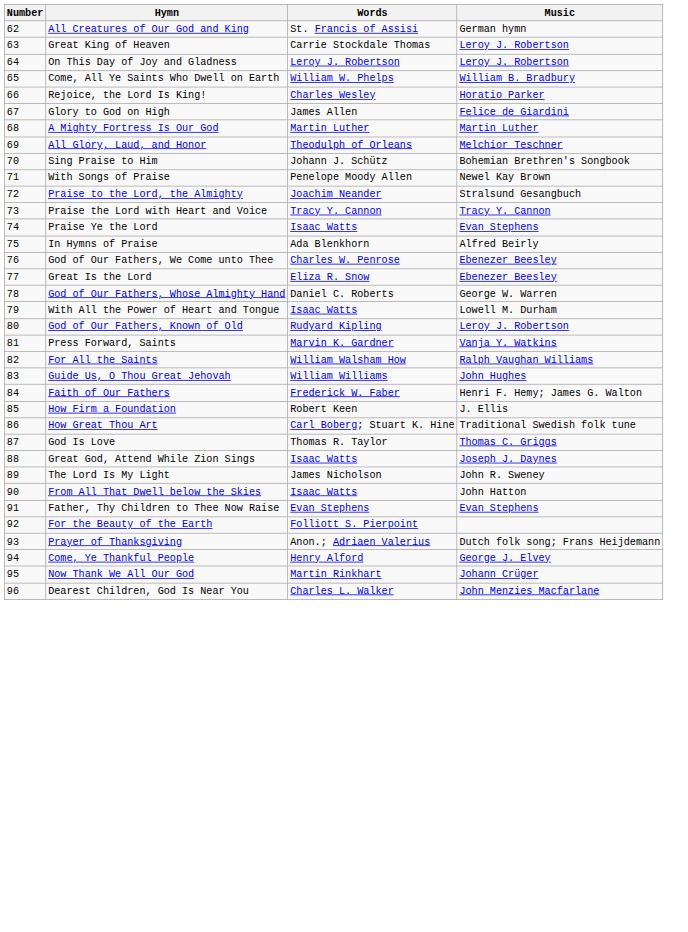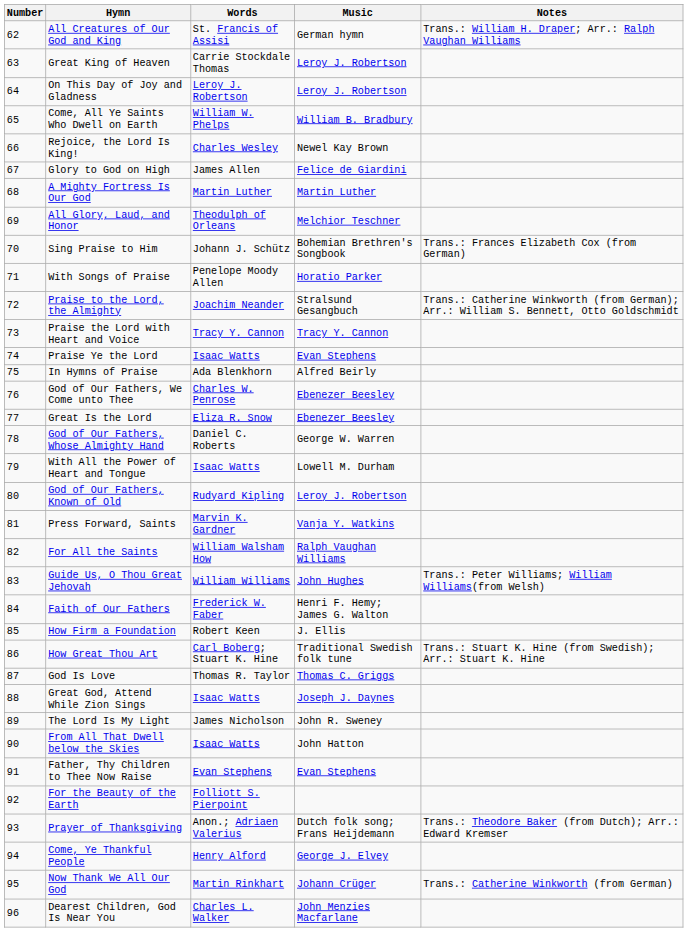 <table class="wikitable mw-collapsible mw-collapsed">
 <tr>
 <th>Number</th>
 <th>Hymn</th>
 <th>Words</th>
 <th>Music</th>
+<th>Notes</th>
 </tr>
 <tr>
 <td>62</td>
 <td><a href='#'>All Creatures of Our God and King</a></td>
 <td>St. <a href='#'>Francis of Assisi</a></td>
 <td>German hymn</td>
+<td>Trans.: <a href='#'> William H. Draper</a>; Arr.: <a href='#'>Ralph Vaughan Williams</a></td>
 </tr>
 <tr>
 <td>63</td>
 <td>Great King of Heaven</td>
 <td>Carrie Stockdale Thomas</td>
 <td><a href='#'>Leroy J. Robertson</a></td>
+<td></td>
 </tr>
 <tr>
 <td>64</td>
 <td>On This Day of Joy and Gladness</td>
 <td><a href='#'>Leroy J. Robertson</a></td>
 <td><a href='#'>Leroy J. Robertson</a></td>
+<td></td>
 </tr>
 <tr>
 <td>65</td>
 <td>Come, All Ye Saints Who Dwell on Earth</td>
 <td><a href='#'>William W. Phelps</a></td>
 <td><a href='#'>William B. Bradbury</a></td>
+<td></td>
 </tr>
 <tr>
 <td>66</td>
 <td>Rejoice, the Lord Is King!</td>
 <td><a href='#'>Charles Wesley</a></td>
-<td><a href='#'>Horatio Parker</a></td>
+<td>Newel Kay Brown</td>
+<td></td>
 </tr>
 <tr>
 <td>67</td>
 <td>Glory to God on High</td>
 <td>James Allen</td>
 <td><a href='#'>Felice de Giardini</a></td>
+<td></td>
 </tr>
 <tr>
 <td>68</td>
 <td><a href='#'>A Mighty Fortress Is Our God</a></td>
 <td><a href='#'>Martin Luther</a></td>
 <td><a href='#'>Martin Luther</a></td>
+<td></td>
 </tr>
 <tr>
 <td>69</td>
 <td><a href='#'>All Glory, Laud, and Honor</a></td>
 <td><a href='#'>Theodulph of Orleans</a></td>
 <td><a href='#'>Melchior Teschner</a></td>
+<td></td>
 </tr>
 <tr>
 <td>70</td>
 <td>Sing Praise to Him</td>
 <td>Johann J. Schütz</td>
 <td>Bohemian Brethren's Songbook</td>
+<td>Trans.: Frances Elizabeth Cox (from German)</td>
 </tr>
 <tr>
 <td>71</td>
 <td>With Songs of Praise</td>
 <td>Penelope Moody Allen</td>
-<td>Newel Kay Brown</td>
+<td><a href='#'>Horatio Parker</a></td>
+<td></td>
 </tr>
 <tr>
 <td>72</td>
 <td><a href='#'>Praise to the Lord, the Almighty</a></td>
 <td><a href='#'>Joachim Neander</a></td>
 <td>Stralsund Gesangbuch</td>
+<td>Trans.: Catherine Winkworth (from German); Arr.: William S. Bennett, Otto Goldschmidt</td>
 </tr>
 <tr>
 <td>73</td>
 <td>Praise the Lord with Heart and Voice</td>
 <td><a href='#'>Tracy Y. Cannon</a></td>
 <td><a href='#'>Tracy Y. Cannon</a></td>
+<td></td>
 </tr>
 <tr>
 <td>74</td>
 <td>Praise Ye the Lord</td>
 <td><a href='#'>Isaac Watts</a></td>
 <td><a href='#'>Evan Stephens</a></td>
+<td></td>
 </tr>
 <tr>
 <td>75</td>
 <td>In Hymns of Praise</td>
 <td>Ada Blenkhorn</td>
 <td>Alfred Beirly</td>
+<td></td>
 </tr>
 <tr>
 <td>76</td>
 <td>God of Our Fathers, We Come unto Thee</td>
 <td><a href='#'>Charles W. Penrose</a></td>
 <td><a href='#'>Ebenezer Beesley</a></td>
+<td></td>
 </tr>
 <tr>
 <td>77</td>
 <td>Great Is the Lord</td>
 <td><a href='#'>Eliza R. Snow</a></td>
 <td><a href='#'>Ebenezer Beesley</a></td>
+<td></td>
 </tr>
 <tr>
 <td>78</td>
 <td><a href='#'>God of Our Fathers, Whose Almighty Hand</a></td>
 <td>Daniel C. Roberts</td>
 <td>George W. Warren</td>
+<td></td>
 </tr>
 <tr>
 <td>79</td>
 <td>With All the Power of Heart and Tongue</td>
 <td><a href='#'>Isaac Watts</a></td>
 <td>Lowell M. Durham</td>
+<td></td>
 </tr>
 <tr>
 <td>80</td>
 <td><a href='#'>God of Our Fathers, Known of Old</a></td>
 <td><a href='#'>Rudyard Kipling</a></td>
 <td><a href='#'>Leroy J. Robertson</a></td>
+<td></td>
 </tr>
 <tr>
 <td>81</td>
 <td>Press Forward, Saints</td>
 <td><a href='#'>Marvin K. Gardner</a></td>
 <td><a href='#'>Vanja Y. Watkins</a></td>
+<td></td>
 </tr>
 <tr>
 <td>82</td>
 <td><a href='#'>For All the Saints</a></td>
 <td><a href='#'>William Walsham How</a></td>
 <td><a href='#'>Ralph Vaughan Williams</a></td>
+<td></td>
 </tr>
 <tr>
 <td>83</td>
 <td><a href='#'>Guide Us, O Thou Great Jehovah</a></td>
 <td><a href='#'>William Williams</a></td>
 <td><a href='#'>John Hughes</a></td>
+<td>Trans.: Peter Williams; <a href='#'>William Williams</a>(from Welsh)</td>
 </tr>
 <tr>
 <td>84</td>
 <td><a href='#'>Faith of Our Fathers</a></td>
 <td><a href='#'>Frederick W. Faber</a></td>
 <td>Henri F. Hemy; James G. Walton</td>
+<td></td>
 </tr>
 <tr>
 <td>85</td>
 <td><a href='#'>How Firm a Foundation</a></td>
 <td>Robert Keen</td>
 <td>J. Ellis</td>
+<td></td>
 </tr>
 <tr>
 <td>86</td>
 <td><a href='#'>How Great Thou Art</a></td>
 <td><a href='#'>Carl Boberg</a>; Stuart K. Hine</td>
 <td>Traditional Swedish folk tune</td>
+<td>Trans.: Stuart K. Hine (from Swedish); Arr.: Stuart K. Hine</td>
 </tr>
 <tr>
 <td>87</td>
 <td>God Is Love</td>
 <td>Thomas R. Taylor</td>
 <td><a href='#'>Thomas C. Griggs</a></td>
+<td></td>
 </tr>
 <tr>
 <td>88</td>
 <td>Great God, Attend While Zion Sings</td>
 <td><a href='#'>Isaac Watts</a></td>
 <td><a href='#'>Joseph J. Daynes</a></td>
+<td></td>
 </tr>
 <tr>
 <td>89</td>
 <td>The Lord Is My Light</td>
 <td>James Nicholson</td>
 <td>John R. Sweney</td>
+<td></td>
 </tr>
 <tr>
 <td>90</td>
 <td><a href='#'>From All That Dwell below the Skies</a></td>
 <td><a href='#'>Isaac Watts</a></td>
 <td>John Hatton</td>
+<td></td>
 </tr>
 <tr>
 <td>91</td>
 <td>Father, Thy Children to Thee Now Raise</td>
 <td><a href='#'>Evan Stephens</a></td>
 <td><a href='#'>Evan Stephens</a></td>
+<td></td>
 </tr>
 <tr>
 <td>92</td>
 <td><a href='#'>For the Beauty of the Earth</a></td>
 <td><a href='#'>Folliott S. Pierpoint</a></td>
+<td></td>
 <td></td>
 </tr>
 <tr>
 <td>93</td>
 <td><a href='#'>Prayer of Thanksgiving</a></td>
 <td>Anon.; <a href='#'>Adriaen Valerius</a></td>
 <td>Dutch folk song; Frans Heijdemann</td>
+<td>Trans.: <a href='#'>Theodore Baker</a> (from Dutch); Arr.: Edward Kremser</td>
 </tr>
 <tr>
 <td>94</td>
 <td><a href='#'>Come, Ye Thankful People</a></td>
 <td><a href='#'>Henry Alford</a></td>
 <td><a href='#'>George J. Elvey</a></td>
+<td></td>
 </tr>
 <tr>
 <td>95</td>
 <td><a href='#'>Now Thank We All Our God</a></td>
 <td><a href='#'>Martin Rinkhart</a></td>
 <td><a href='#'>Johann Crüger</a></td>
+<td>Trans.: <a href='#'>Catherine Winkworth</a> (from German)</td>
 </tr>
 <tr>
 <td>96</td>
 <td>Dearest Children, God Is Near You</td>
 <td><a href='#'>Charles L. Walker</a></td>
 <td><a href='#'>John Menzies Macfarlane</a></td>
+<td></td>
 </tr>
 </table>
